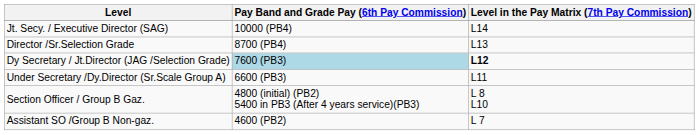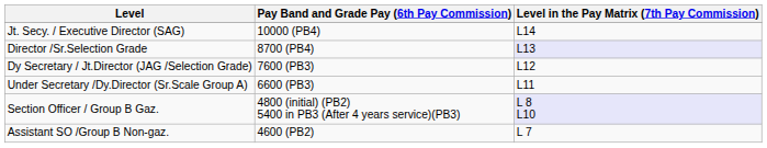 <table class="wikitable">
 <tr>
 <th>Level</th>
 <th>Pay Band and Grade Pay (<a href='#'>6th Pay Commission</a>)</th>
 <th>Level in the Pay Matrix (<a href='#'>7th Pay Commission</a>)</th>
 </tr>
 <tr>
 </tr>
 <tr>
 <td>Jt. Secy. / Executive Director (SAG)</td>
 <td>10000 (PB4)</td>
 <td>L14</td>
 </tr>
 <tr>
 <td>Director /Sr.Selection Grade</td>
 <td>8700 (PB4)</td>
-<td>L13</td>
+<td style="background: lavender;">L13</td>
 </tr>
 <tr>
 <td>Dy Secretary / Jt.Director (JAG /Selection Grade)</td>
-<td style="background: lightblue;">7600 (PB3)</td>
-<td><strong>L12</strong></td>
+<td>7600 (PB3)</td>
+<td>L12</td>
 </tr>
 <tr>
 <td>Under Secretary /Dy.Director (Sr.Scale Group A)</td>
 <td>6600 (PB3)</td>
 <td>L11</td>
 </tr>
 <tr>
 <td>Section Officer / Group B Gaz.</td>
 <td>4800 (initial) (PB2)<br>5400 in PB3 (After 4 years service)(PB3)</td>
-<td>L 8<br>L10</td>
+<td style="background: lavender;">L 8<br>L10</td>
 </tr>
 <tr>
 <td>Assistant SO /Group B Non-gaz.</td>
 <td>4600 (PB2)</td>
 <td>L 7</td>
 </tr>
 </table>
